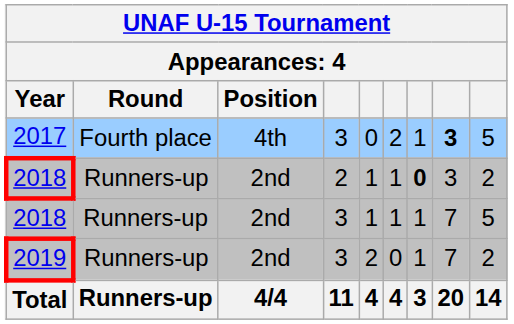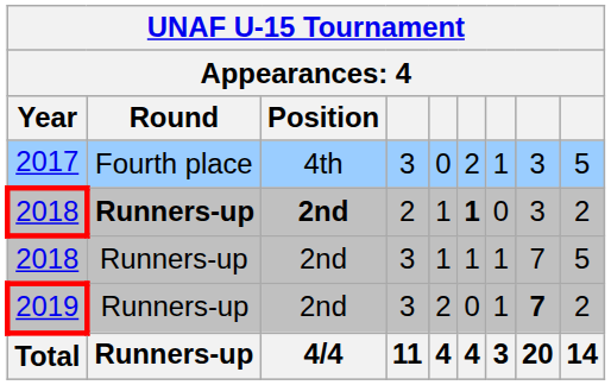 <table class="wikitable" style="text-align: center;">
 <tr>
 <th colspan=9><a href='#'>UNAF U-15 Tournament</a></th>
 </tr>
 <tr>
 <th colspan=9>Appearances: 4</th>
 </tr>
 <tr>
 <th>Year</th>
 <th>Round</th>
 <th>Position</th>
 <th></th>
 <th></th>
 <th></th>
 <th></th>
 <th></th>
 <th></th>
 </tr>
 <tr bgcolor=#9acdff>
 <td> <a href='#'>2017</a></td>
 <td>Fourth place</td>
 <td>4th</td>
 <td>3</td>
 <td>0</td>
 <td>2</td>
 <td>1</td>
-<td><strong>3</strong></td>
+<td>3</td>
 <td>5</td>
 </tr>
 <tr bgcolor=silver>
 <td style="border: 3px solid red"> <a href='#'>2018</a></td>
-<td>Runners-up</td>
-<td>2nd</td>
+<td><strong>Runners-up</strong></td>
+<td><strong>2nd</strong></td>
 <td>2</td>
 <td>1</td>
-<td>1</td>
-<td><strong>0</strong></td>
+<td><strong>1</strong></td>
+<td>0</td>
 <td>3</td>
 <td>2</td>
 </tr>
 <tr bgcolor=silver>
 <td> <a href='#'>2018</a></td>
 <td>Runners-up</td>
 <td>2nd</td>
 <td>3</td>
 <td>1</td>
 <td>1</td>
 <td>1</td>
 <td>7</td>
 <td>5</td>
 </tr>
 <tr bgcolor=silver>
 <td style="border: 3px solid red"> <a href='#'>2019</a></td>
 <td>Runners-up</td>
 <td>2nd</td>
 <td>3</td>
 <td>2</td>
 <td>0</td>
 <td>1</td>
-<td>7</td>
+<td><strong>7</strong></td>
 <td>2</td>
 </tr>
 <tr>
 <th>Total</th>
 <th>Runners-up</th>
 <th>4/4</th>
 <th>11</th>
 <th>4</th>
 <th>4</th>
 <th>3</th>
 <th>20</th>
 <th>14</th>
 </tr>
 </table>
